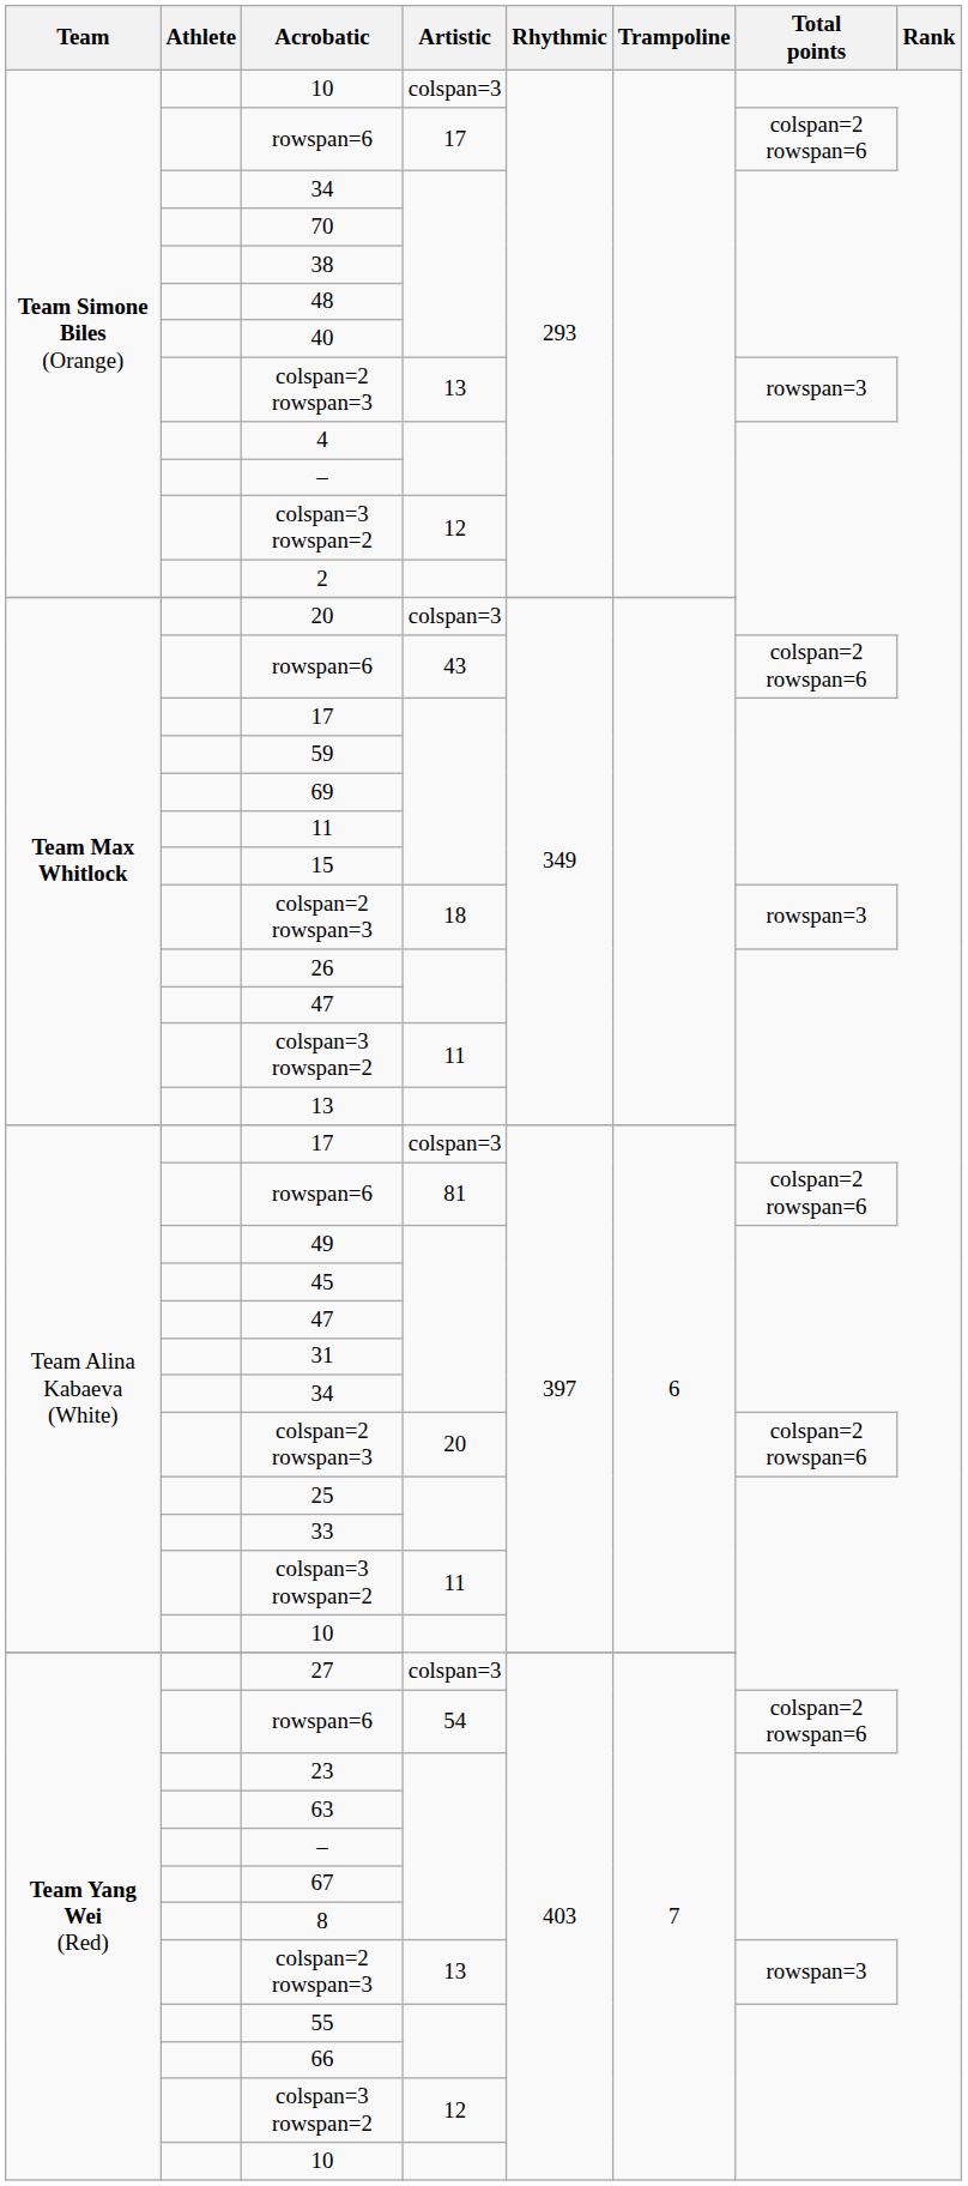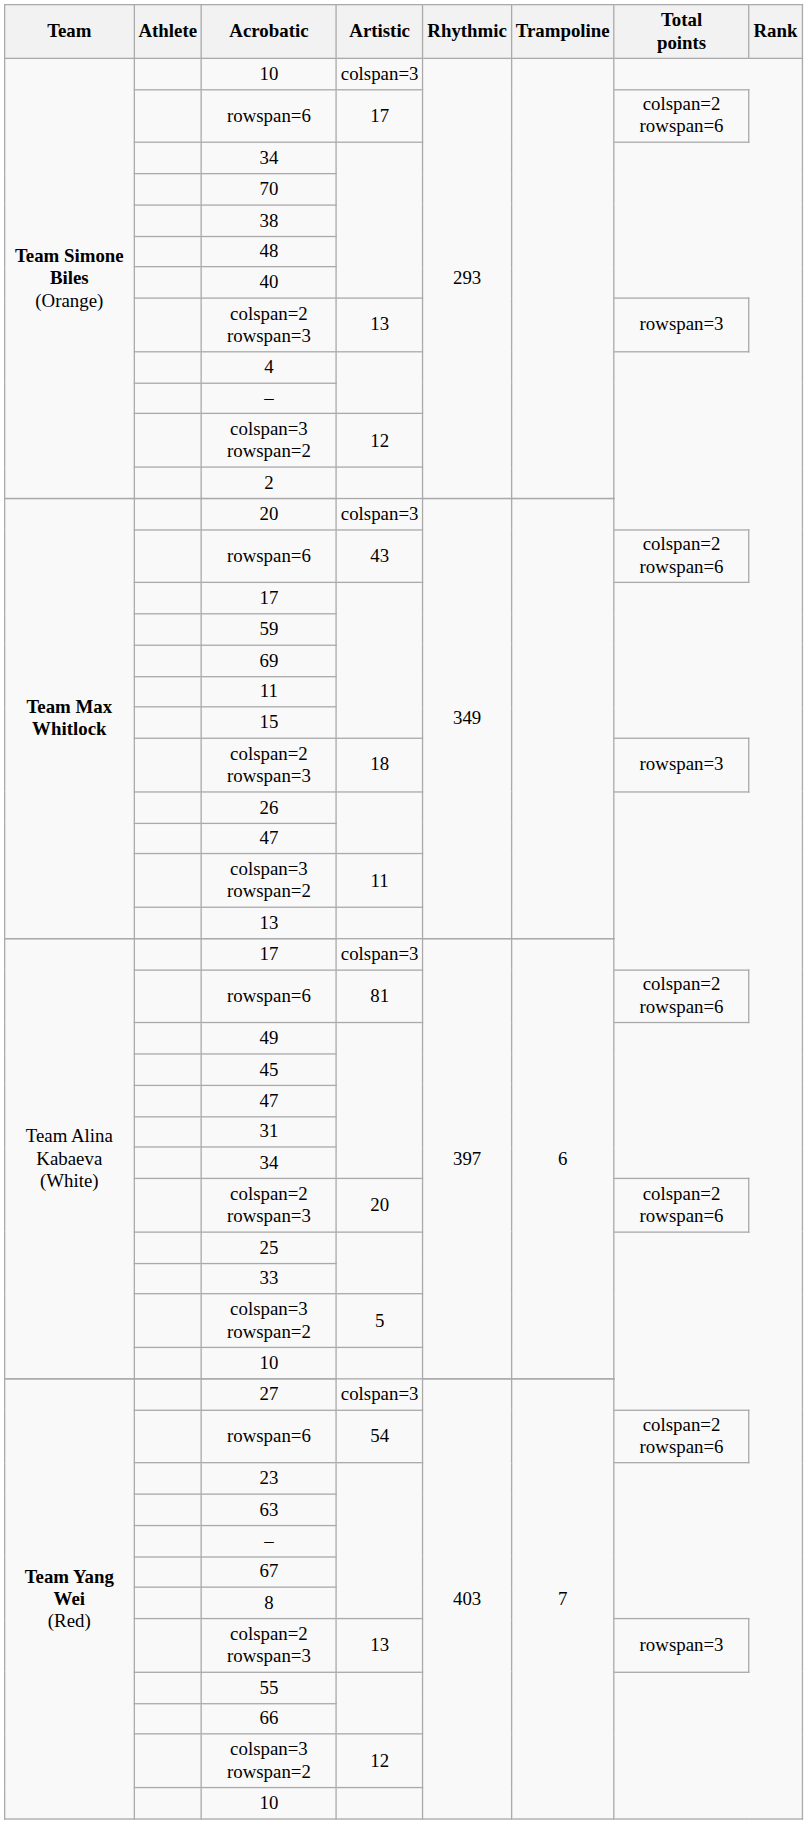 <table class="wikitable" style="text-align:center;font-size:90%">
 <tr>
 <th>Team</th>
 <th>Athlete</th>
 <th>Acrobatic</th>
 <th>Artistic</th>
 <th>Rhythmic</th>
 <th>Trampoline</th>
 <th>Total<br>points</th>
 <th>Rank</th>
 </tr>
 <tr>
 <td rowspan=12><strong>Team Simone Biles</strong><br>(Orange)</td>
 <td align=left><br></td>
 <td>10</td>
 <td>colspan=3 </td>
 <td rowspan=12>293</td>
 <td rowspan=12></td>
 </tr>
 <tr>
 <td align=left></td>
 <td>rowspan=6 </td>
 <td>17</td>
 <td>colspan=2 rowspan=6 </td>
 </tr>
 <tr>
 <td align=left></td>
 <td>34</td>
 </tr>
 <tr>
 <td align=left></td>
 <td>70</td>
 </tr>
 <tr>
 <td align=left></td>
 <td>38</td>
 </tr>
 <tr>
 <td align=left></td>
 <td>48</td>
 </tr>
 <tr>
 <td align=left></td>
 <td>40</td>
 </tr>
 <tr>
 <td align=left></td>
 <td>colspan=2 rowspan=3 </td>
 <td>13</td>
 <td>rowspan=3 </td>
 </tr>
 <tr>
 <td align=left></td>
 <td>4</td>
 </tr>
 <tr>
 <td align=left></td>
 <td>–</td>
 </tr>
 <tr>
 <td align=left></td>
 <td>colspan=3 rowspan=2 </td>
 <td>12</td>
 </tr>
 <tr>
 <td align=left></td>
 <td>2</td>
 </tr>
 <tr>
 </tr>
 <tr align=center>
 <td rowspan=12><strong>Team Max Whitlock</strong></td>
 <td align=left><br></td>
 <td>20</td>
 <td>colspan=3 </td>
 <td rowspan=12>349</td>
 <td rowspan=12></td>
 </tr>
 <tr align=center>
 <td align=left></td>
 <td>rowspan=6 </td>
 <td>43</td>
 <td>colspan=2 rowspan=6 </td>
 </tr>
 <tr align=center>
 <td align=left></td>
 <td>17</td>
 </tr>
 <tr align=center>
 <td align=left></td>
 <td>59</td>
 </tr>
 <tr align=center>
 <td align=left></td>
 <td>69</td>
 </tr>
 <tr align=center>
 <td align=left></td>
 <td>11</td>
 </tr>
 <tr align=center>
 <td align=left></td>
 <td>15</td>
 </tr>
 <tr align=center>
 <td align=left></td>
 <td>colspan=2 rowspan=3 </td>
 <td>18</td>
 <td>rowspan=3 </td>
 </tr>
 <tr align=center>
 <td align=left></td>
 <td>26</td>
 </tr>
 <tr align=center>
 <td align=left></td>
 <td>47</td>
 </tr>
 <tr align=center>
 <td align=left></td>
 <td>colspan=3 rowspan=2 </td>
 <td>11</td>
 </tr>
 <tr align=center>
 <td align=left></td>
 <td>13</td>
 </tr>
 <tr>
 </tr>
 <tr align=center>
 <td rowspan=12>Team Alina Kabaeva<br>(White)</td>
 <td align=left><br></td>
 <td>17</td>
 <td>colspan=3 </td>
 <td rowspan=12>397</td>
 <td rowspan=12>6</td>
 </tr>
 <tr>
 <td align=left></td>
 <td>rowspan=6 </td>
 <td>81</td>
 <td>colspan=2 rowspan=6 </td>
 </tr>
 <tr>
 <td align=left></td>
 <td>49</td>
 </tr>
 <tr>
 <td align=left></td>
 <td>45</td>
 </tr>
 <tr>
 <td align=left></td>
 <td>47</td>
 </tr>
 <tr>
 <td align=left></td>
 <td>31</td>
 </tr>
 <tr>
 <td align=left></td>
 <td>34</td>
 </tr>
 <tr>
 <td align=left></td>
 <td>colspan=2 rowspan=3 </td>
 <td>20</td>
 <td>colspan=2 rowspan=6 </td>
 </tr>
 <tr>
 <td align=left></td>
 <td>25</td>
 </tr>
 <tr>
 <td align=left></td>
 <td>33</td>
 </tr>
 <tr>
 <td align=left></td>
 <td>colspan=3 rowspan=2 </td>
-<td>11</td>
+<td>5</td>
 </tr>
 <tr>
 <td align=left></td>
 <td>10</td>
 </tr>
 <tr>
 </tr>
 <tr align=center>
 <td rowspan=12><strong>Team Yang Wei</strong><br>(Red)</td>
 <td align=left><br></td>
 <td>27</td>
 <td>colspan=3 </td>
 <td rowspan=12>403</td>
 <td rowspan=12>7</td>
 </tr>
 <tr align=center>
 <td align=left></td>
 <td>rowspan=6 </td>
 <td>54</td>
 <td>colspan=2 rowspan=6 </td>
 </tr>
 <tr align=center>
 <td align=left></td>
 <td>23</td>
 </tr>
 <tr align=center>
 <td align=left></td>
 <td>63</td>
 </tr>
 <tr align=center>
 <td align=left></td>
 <td>–</td>
 </tr>
 <tr align=center>
 <td align=left></td>
 <td>67</td>
 </tr>
 <tr align=center>
 <td align=left></td>
 <td>8</td>
 </tr>
 <tr align=center>
 <td align=left></td>
 <td>colspan=2 rowspan=3 </td>
 <td>13</td>
 <td>rowspan=3 </td>
 </tr>
 <tr align=center>
 <td align=left></td>
 <td>55</td>
 </tr>
 <tr align=center>
 <td align=left></td>
 <td>66</td>
 </tr>
 <tr align=center>
 <td align=left></td>
 <td>colspan=3 rowspan=2 </td>
 <td>12</td>
 </tr>
 <tr align=center>
 <td align=left></td>
 <td>10</td>
 </tr>
 </table>
